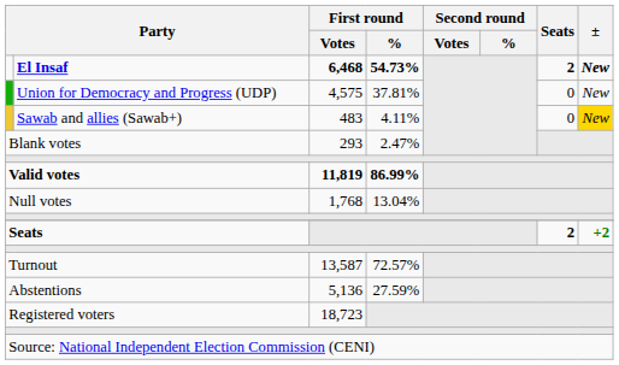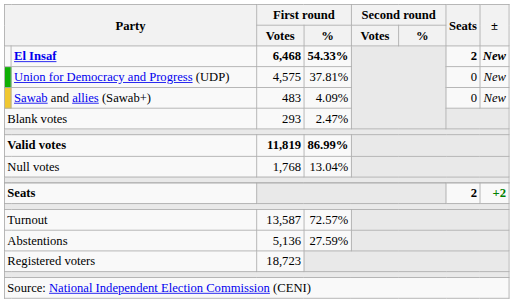 <table class="wikitable" style="text-align:right;font-size:95%;">
 <tr>
 <th rowspan="2" colspan="2" width="700">Party</th>
 <th colspan="2">First round</th>
 <th colspan="2">Second round</th>
 <th rowspan="2" width="25">Seats</th>
 <th rowspan="2" width="20">±</th>
 </tr>
 <tr>
 <th width="50">Votes</th>
 <th width="50">%</th>
 <th width="50">Votes</th>
 <th width="50">%</th>
 </tr>
 <tr>
 <td width="1" style="color:inherit;background:"></td>
 <td style="text-align:left;"><strong><a href='#'>El Insaf</a></strong></td>
 <td><strong>6,468</strong></td>
-<td><strong>54.73%</strong></td>
+<td><strong>54.33%</strong></td>
 <td colspan="2" rowspan="4" style="background:#E9E9E9;"></td>
 <td><strong>2</strong></td>
 <td><strong><em>New</em></strong></td>
 </tr>
 <tr>
 <td width="1" style="color:inherit;background:#0FAF05;"></td>
 <td style="text-align:left;"><a href='#'>Union for Democracy and Progress</a> (UDP)</td>
 <td>4,575</td>
 <td>37.81%</td>
 <td>0</td>
 <td><em>New</em></td>
 </tr>
 <tr>
 <td width="1" style="color:inherit;background:#F0C832;"></td>
 <td style="text-align:left;"><a href='#'>Sawab</a> and <a href='#'>allies</a> (Sawab+)</td>
 <td>483</td>
-<td>4.11%</td>
+<td>4.09%</td>
 <td>0</td>
-<td style="background: gold;"><em>New</em></td>
+<td><em>New</em></td>
 </tr>
 <tr>
 <td colspan="2" style="text-align:left;">Blank votes</td>
 <td>293</td>
 <td>2.47%</td>
 <td colspan="4" style="background:#E9E9E9;"></td>
 </tr>
 <tr>
 <td colspan="8" style="background:#E9E9E9;"></td>
 </tr>
 <tr style="font-weight:bold;">
 <td colspan="2" style="text-align:left;">Valid votes</td>
 <td>11,819</td>
 <td>86.99%</td>
 <td colspan="4" style="background:#E9E9E9;"></td>
 </tr>
 <tr>
 <td colspan="2" style="text-align:left;">Null votes</td>
 <td>1,768</td>
 <td>13.04%</td>
 <td colspan="4" style="background:#E9E9E9;"></td>
 </tr>
 <tr>
 <td colspan="8" style="background:#E9E9E9;"></td>
 </tr>
 <tr>
 </tr>
 <tr style="font-weight:bold;">
 <td colspan="2" style="text-align:left;">Seats</td>
 <td colspan="4" style="background:#E9E9E9;"></td>
 <td>2</td>
 <td style="color:green;">+2</td>
 </tr>
 <tr>
 <td colspan="8" style="background:#E9E9E9;"></td>
 </tr>
 <tr>
 <td colspan="2" style="text-align:left;">Turnout</td>
 <td>13,587</td>
 <td>72.57%</td>
 <td colspan="4" style="background:#E9E9E9;"></td>
 </tr>
 <tr>
 <td colspan="2" style="text-align:left;">Abstentions</td>
 <td>5,136</td>
 <td>27.59%</td>
 <td colspan="4" style="background:#E9E9E9;"></td>
 </tr>
 <tr>
 <td colspan="2" style="text-align:left;">Registered voters</td>
 <td>18,723</td>
 <td colspan="5" style="background:#E9E9E9;"></td>
 </tr>
 <tr>
 <td colspan="8" style="background:#E9E9E9;"></td>
 </tr>
 <tr>
 <td colspan="8" style="text-align:left;">Source: <a href='#'>National Independent Election Commission</a> (CENI)</td>
 </tr>
 </table>
